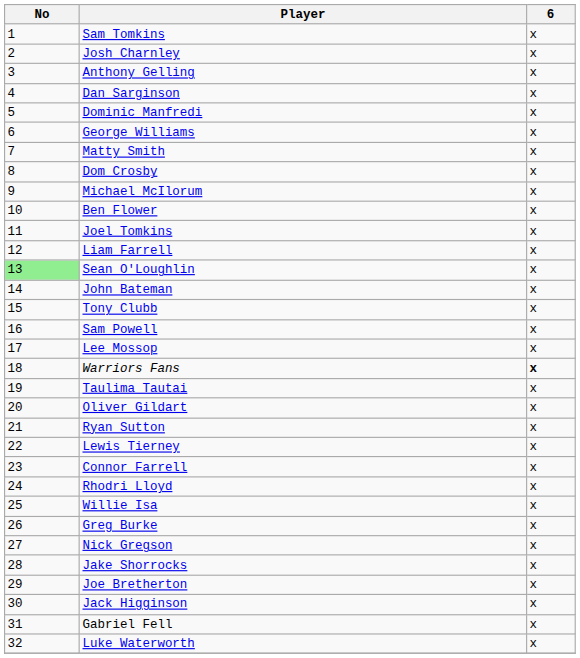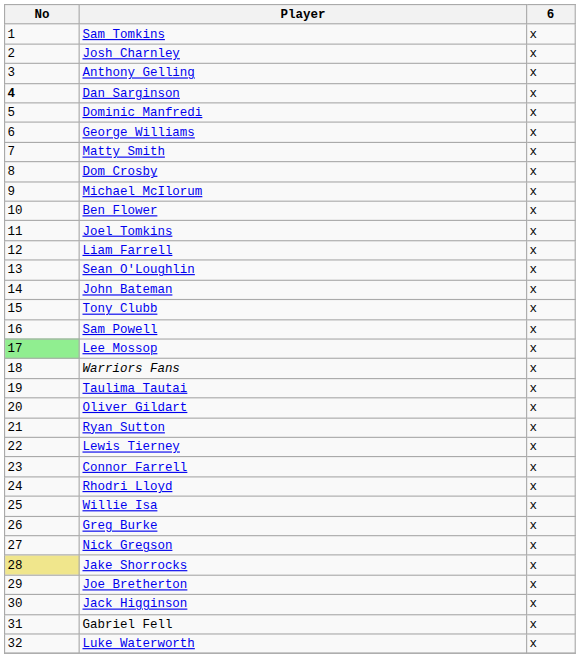 <table class="wikitable" style="font-size:85%;" width="40%">
 <tr>
 <th>No</th>
 <th>Player</th>
 <th>6</th>
 </tr>
 <tr>
 <td>1</td>
 <td><a href='#'>Sam Tomkins</a></td>
 <td>x</td>
 </tr>
 <tr>
 <td>2</td>
 <td><a href='#'>Josh Charnley</a></td>
 <td>x</td>
 </tr>
 <tr>
 <td>3</td>
 <td><a href='#'>Anthony Gelling</a></td>
 <td>x</td>
 </tr>
 <tr>
-<td>4</td>
+<td><strong>4</strong></td>
 <td><a href='#'>Dan Sarginson</a></td>
 <td>x</td>
 </tr>
 <tr>
 <td>5</td>
 <td><a href='#'>Dominic Manfredi</a></td>
 <td>x</td>
 </tr>
 <tr>
 <td>6</td>
 <td><a href='#'>George Williams</a></td>
 <td>x</td>
 </tr>
 <tr>
 <td>7</td>
 <td><a href='#'>Matty Smith</a></td>
 <td>x</td>
 </tr>
 <tr>
 <td>8</td>
 <td><a href='#'>Dom Crosby</a></td>
 <td>x</td>
 </tr>
 <tr>
 <td>9</td>
 <td><a href='#'>Michael McIlorum</a></td>
 <td>x</td>
 </tr>
 <tr>
 <td>10</td>
 <td><a href='#'>Ben Flower</a></td>
 <td>x</td>
 </tr>
 <tr>
 <td>11</td>
 <td><a href='#'>Joel Tomkins</a></td>
 <td>x</td>
 </tr>
 <tr>
 <td>12</td>
 <td><a href='#'>Liam Farrell</a></td>
 <td>x</td>
 </tr>
 <tr>
-<td style="background: lightgreen;">13</td>
+<td>13</td>
 <td><a href='#'>Sean O'Loughlin</a></td>
 <td>x</td>
 </tr>
 <tr>
 <td>14</td>
 <td><a href='#'>John Bateman</a></td>
 <td>x</td>
 </tr>
 <tr>
 <td>15</td>
 <td><a href='#'>Tony Clubb</a></td>
 <td>x</td>
 </tr>
 <tr>
 <td>16</td>
 <td><a href='#'>Sam Powell</a></td>
 <td>x</td>
 </tr>
 <tr>
-<td>17</td>
+<td style="background: lightgreen;">17</td>
 <td><a href='#'>Lee Mossop</a></td>
 <td>x</td>
 </tr>
 <tr>
 <td>18</td>
 <td><em>Warriors Fans</em></td>
-<td><strong>x</strong></td>
+<td>x</td>
 </tr>
 <tr>
 <td>19</td>
 <td><a href='#'>Taulima Tautai</a></td>
 <td>x</td>
 </tr>
 <tr>
 <td>20</td>
 <td><a href='#'>Oliver Gildart</a></td>
 <td>x</td>
 </tr>
 <tr>
 <td>21</td>
 <td><a href='#'>Ryan Sutton</a></td>
 <td>x</td>
 </tr>
 <tr>
 <td>22</td>
 <td><a href='#'>Lewis Tierney</a></td>
 <td>x</td>
 </tr>
 <tr>
 <td>23</td>
 <td><a href='#'>Connor Farrell</a></td>
 <td>x</td>
 </tr>
 <tr>
 <td>24</td>
 <td><a href='#'>Rhodri Lloyd</a></td>
 <td>x</td>
 </tr>
 <tr>
 <td>25</td>
 <td><a href='#'>Willie Isa</a></td>
 <td>x</td>
 </tr>
 <tr>
 <td>26</td>
 <td><a href='#'>Greg Burke</a></td>
 <td>x</td>
 </tr>
 <tr>
 <td>27</td>
 <td><a href='#'>Nick Gregson</a></td>
 <td>x</td>
 </tr>
 <tr>
-<td>28</td>
+<td style="background: khaki;">28</td>
 <td><a href='#'>Jake Shorrocks</a></td>
 <td>x</td>
 </tr>
 <tr>
 <td>29</td>
 <td><a href='#'>Joe Bretherton</a></td>
 <td>x</td>
 </tr>
 <tr>
 <td>30</td>
 <td><a href='#'>Jack Higginson</a></td>
 <td>x</td>
 </tr>
 <tr>
 <td>31</td>
 <td>Gabriel Fell</td>
 <td>x</td>
 </tr>
 <tr>
 <td>32</td>
 <td><a href='#'>Luke Waterworth</a></td>
 <td>x</td>
 </tr>
 <tr>
 </tr>
 </table>
